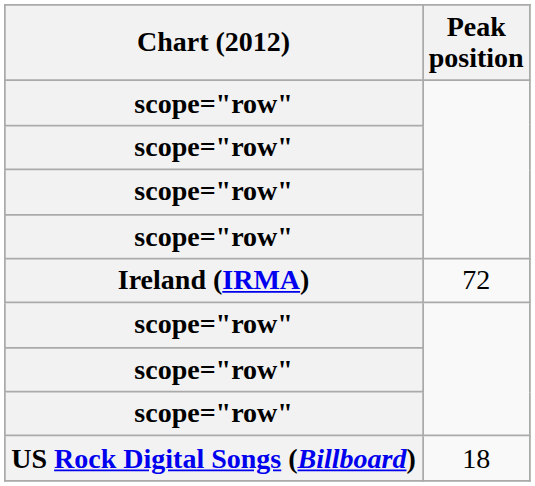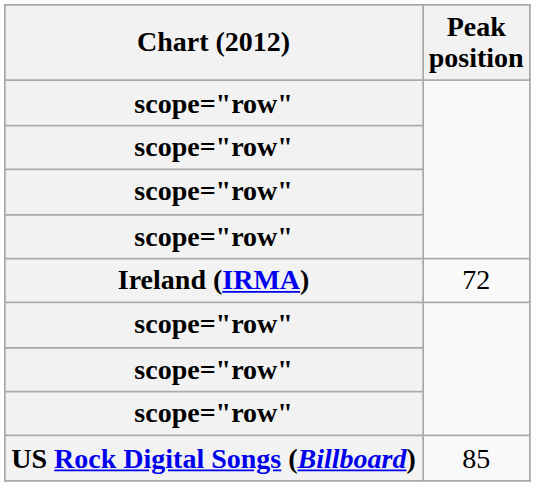 <table class="wikitable sortable plainrowheaders" style="text-align:center">
 <tr>
 <th scope="col">Chart (2012)</th>
 <th scope="col">Peak<br>position</th>
 </tr>
 <tr>
 <th>scope="row"</th>
 </tr>
 <tr>
 <th>scope="row"</th>
 </tr>
 <tr>
 <th>scope="row"</th>
 </tr>
 <tr>
 <th>scope="row"</th>
 </tr>
 <tr>
 <th scope="row">Ireland (<a href='#'>IRMA</a>)</th>
 <td>72</td>
 </tr>
 <tr>
 <th>scope="row"</th>
 </tr>
 <tr>
 <th>scope="row"</th>
 </tr>
 <tr>
 <th>scope="row"</th>
 </tr>
 <tr>
 <th scope="row">US <a href='#'>Rock Digital Songs</a> (<em><a href='#'>Billboard</a></em>)</th>
-<td>18</td>
+<td>85</td>
 </tr>
 </table>
